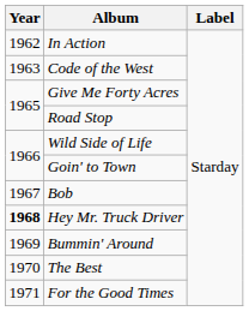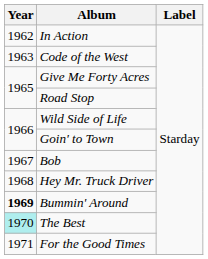 <table class="wikitable">
 <tr>
 <th>Year</th>
 <th>Album</th>
 <th>Label</th>
 </tr>
 <tr>
 <td>1962</td>
 <td><em>In Action</em></td>
 <td rowspan="11">Starday</td>
 </tr>
 <tr>
 <td>1963</td>
 <td><em>Code of the West</em></td>
 </tr>
 <tr>
 <td rowspan="2">1965</td>
 <td><em>Give Me Forty Acres</em></td>
 </tr>
 <tr>
 <td><em>Road Stop</em></td>
 </tr>
 <tr>
 <td rowspan="2">1966</td>
 <td><em>Wild Side of Life</em></td>
 </tr>
 <tr>
 <td><em>Goin' to Town</em></td>
 </tr>
 <tr>
 <td>1967</td>
 <td><em>Bob</em></td>
 </tr>
 <tr>
-<td><strong>1968</strong></td>
+<td>1968</td>
 <td><em>Hey Mr. Truck Driver</em></td>
 </tr>
 <tr>
-<td>1969</td>
+<td><strong>1969</strong></td>
 <td><em>Bummin' Around</em></td>
 </tr>
 <tr>
-<td>1970</td>
+<td style="background: paleturquoise;">1970</td>
 <td><em>The Best</em></td>
 </tr>
 <tr>
 <td>1971</td>
 <td><em>For the Good Times</em></td>
 </tr>
 </table>
